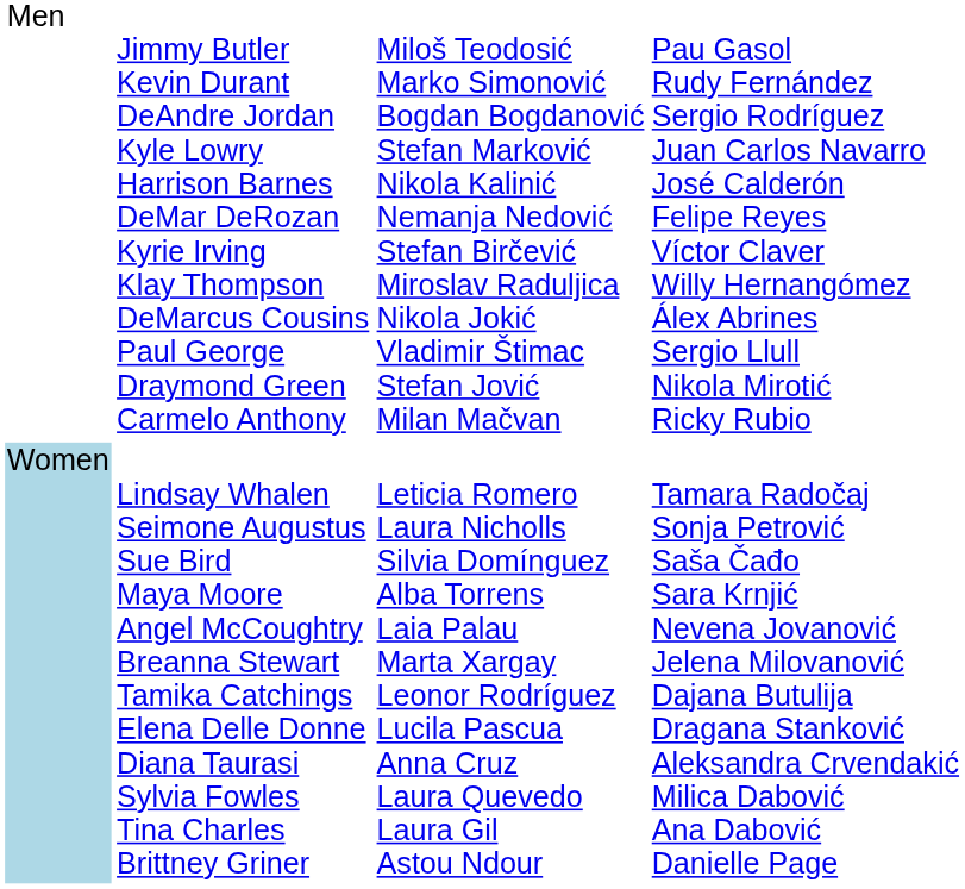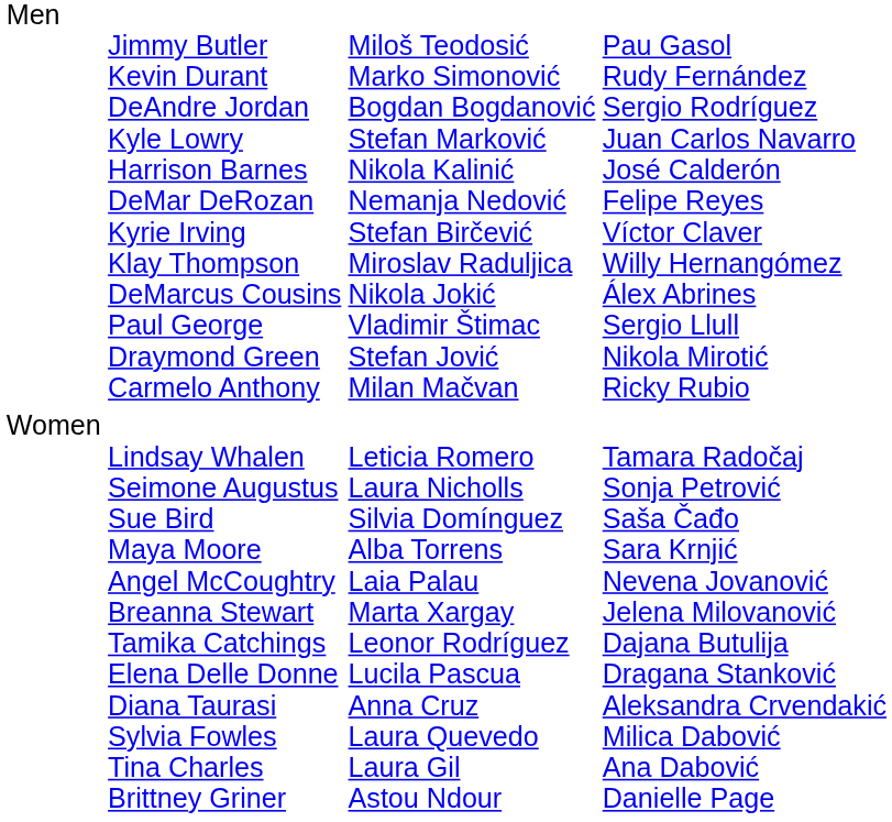 <table>
 <tr valign="top">
 <td>Men<br></td>
 <td><br><a href='#'>Jimmy Butler</a><br><a href='#'>Kevin Durant</a><br><a href='#'>DeAndre Jordan</a><br><a href='#'>Kyle Lowry</a><br><a href='#'>Harrison Barnes</a><br><a href='#'>DeMar DeRozan</a><br><a href='#'>Kyrie Irving</a><br><a href='#'>Klay Thompson</a><br><a href='#'>DeMarcus Cousins</a><br><a href='#'>Paul George</a><br><a href='#'>Draymond Green</a><br><a href='#'>Carmelo Anthony</a></td>
 <td><br><a href='#'>Miloš Teodosić</a><br><a href='#'>Marko Simonović</a><br><a href='#'>Bogdan Bogdanović</a><br><a href='#'>Stefan Marković</a><br><a href='#'>Nikola Kalinić</a><br><a href='#'>Nemanja Nedović</a><br><a href='#'>Stefan Birčević</a><br><a href='#'>Miroslav Raduljica</a><br><a href='#'>Nikola Jokić</a><br><a href='#'>Vladimir Štimac</a><br><a href='#'>Stefan Jović</a><br><a href='#'>Milan Mačvan</a></td>
 <td><br><a href='#'>Pau Gasol</a><br><a href='#'>Rudy Fernández</a><br><a href='#'>Sergio Rodríguez</a><br><a href='#'>Juan Carlos Navarro</a><br><a href='#'>José Calderón</a><br><a href='#'>Felipe Reyes</a><br><a href='#'>Víctor Claver</a><br><a href='#'>Willy Hernangómez</a><br><a href='#'>Álex Abrines</a><br><a href='#'>Sergio Llull</a><br><a href='#'>Nikola Mirotić</a><br><a href='#'>Ricky Rubio</a></td>
 </tr>
 <tr valign="top">
-<td style="background: lightblue;">Women<br></td>
+<td>Women<br></td>
 <td><br><a href='#'>Lindsay Whalen</a><br><a href='#'>Seimone Augustus</a><br><a href='#'>Sue Bird</a><br><a href='#'>Maya Moore</a><br><a href='#'>Angel McCoughtry</a><br><a href='#'>Breanna Stewart</a><br><a href='#'>Tamika Catchings</a><br><a href='#'>Elena Delle Donne</a><br><a href='#'>Diana Taurasi</a><br><a href='#'>Sylvia Fowles</a><br><a href='#'>Tina Charles</a><br><a href='#'>Brittney Griner</a></td>
 <td><br><a href='#'>Leticia Romero</a><br><a href='#'>Laura Nicholls</a><br><a href='#'>Silvia Domínguez</a><br><a href='#'>Alba Torrens</a><br><a href='#'>Laia Palau</a><br><a href='#'>Marta Xargay</a><br><a href='#'>Leonor Rodríguez</a><br><a href='#'>Lucila Pascua</a><br><a href='#'>Anna Cruz</a><br><a href='#'>Laura Quevedo</a><br><a href='#'>Laura Gil</a><br><a href='#'>Astou Ndour</a></td>
 <td><br><a href='#'>Tamara Radočaj</a><br><a href='#'>Sonja Petrović</a><br><a href='#'>Saša Čađo</a><br><a href='#'>Sara Krnjić</a><br><a href='#'>Nevena Jovanović</a><br><a href='#'>Jelena Milovanović</a><br><a href='#'>Dajana Butulija</a><br><a href='#'>Dragana Stanković</a><br><a href='#'>Aleksandra Crvendakić</a><br><a href='#'>Milica Dabović</a><br><a href='#'>Ana Dabović</a><br><a href='#'>Danielle Page</a></td>
 </tr>
 </table>
